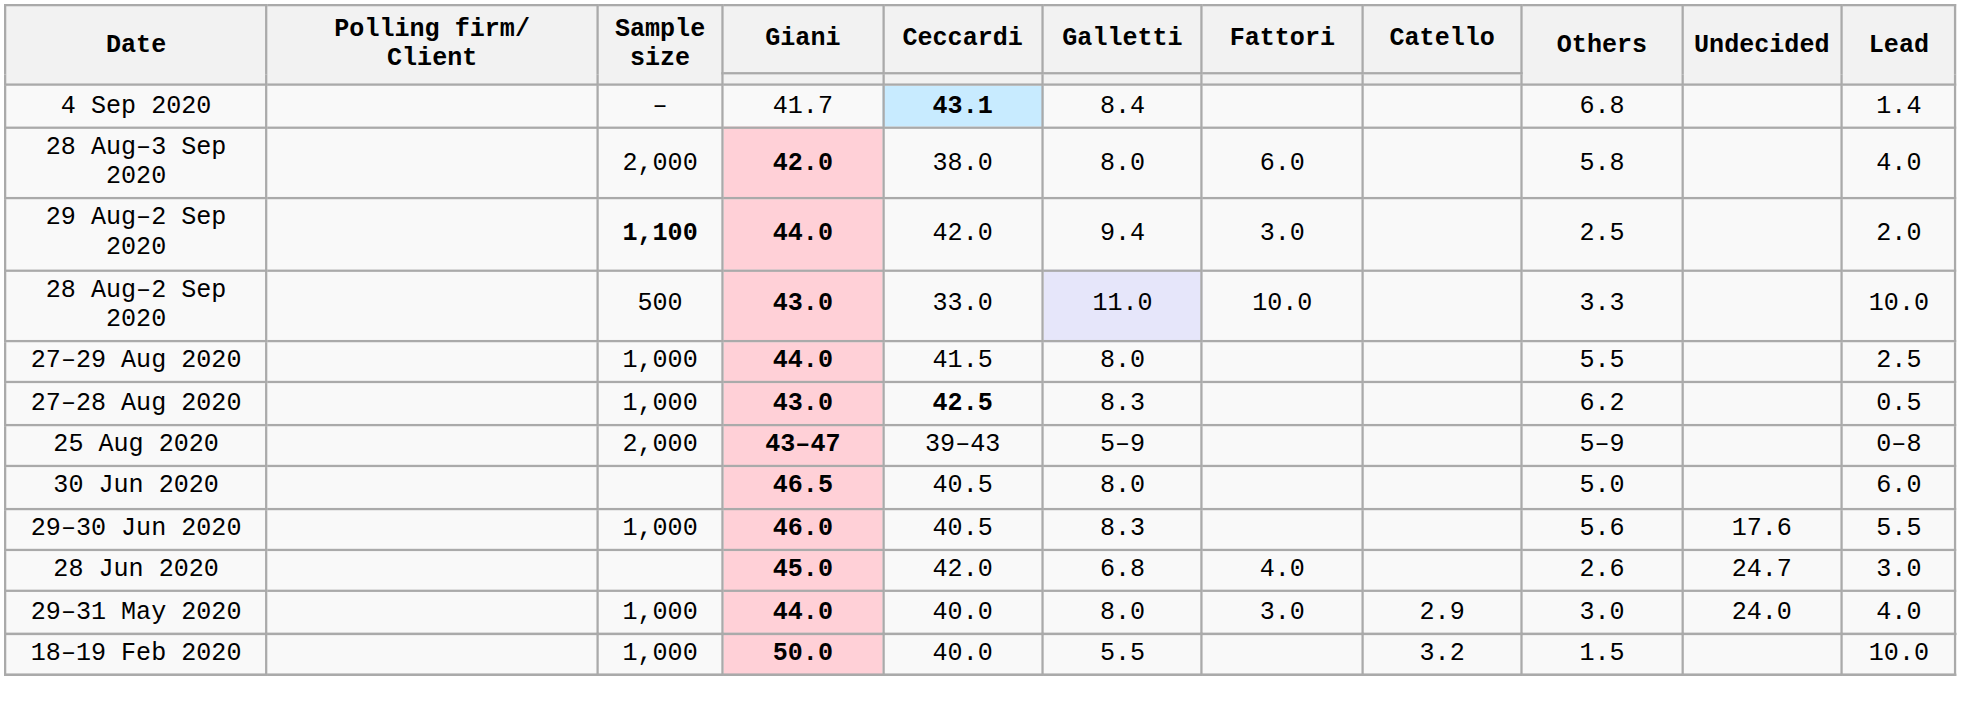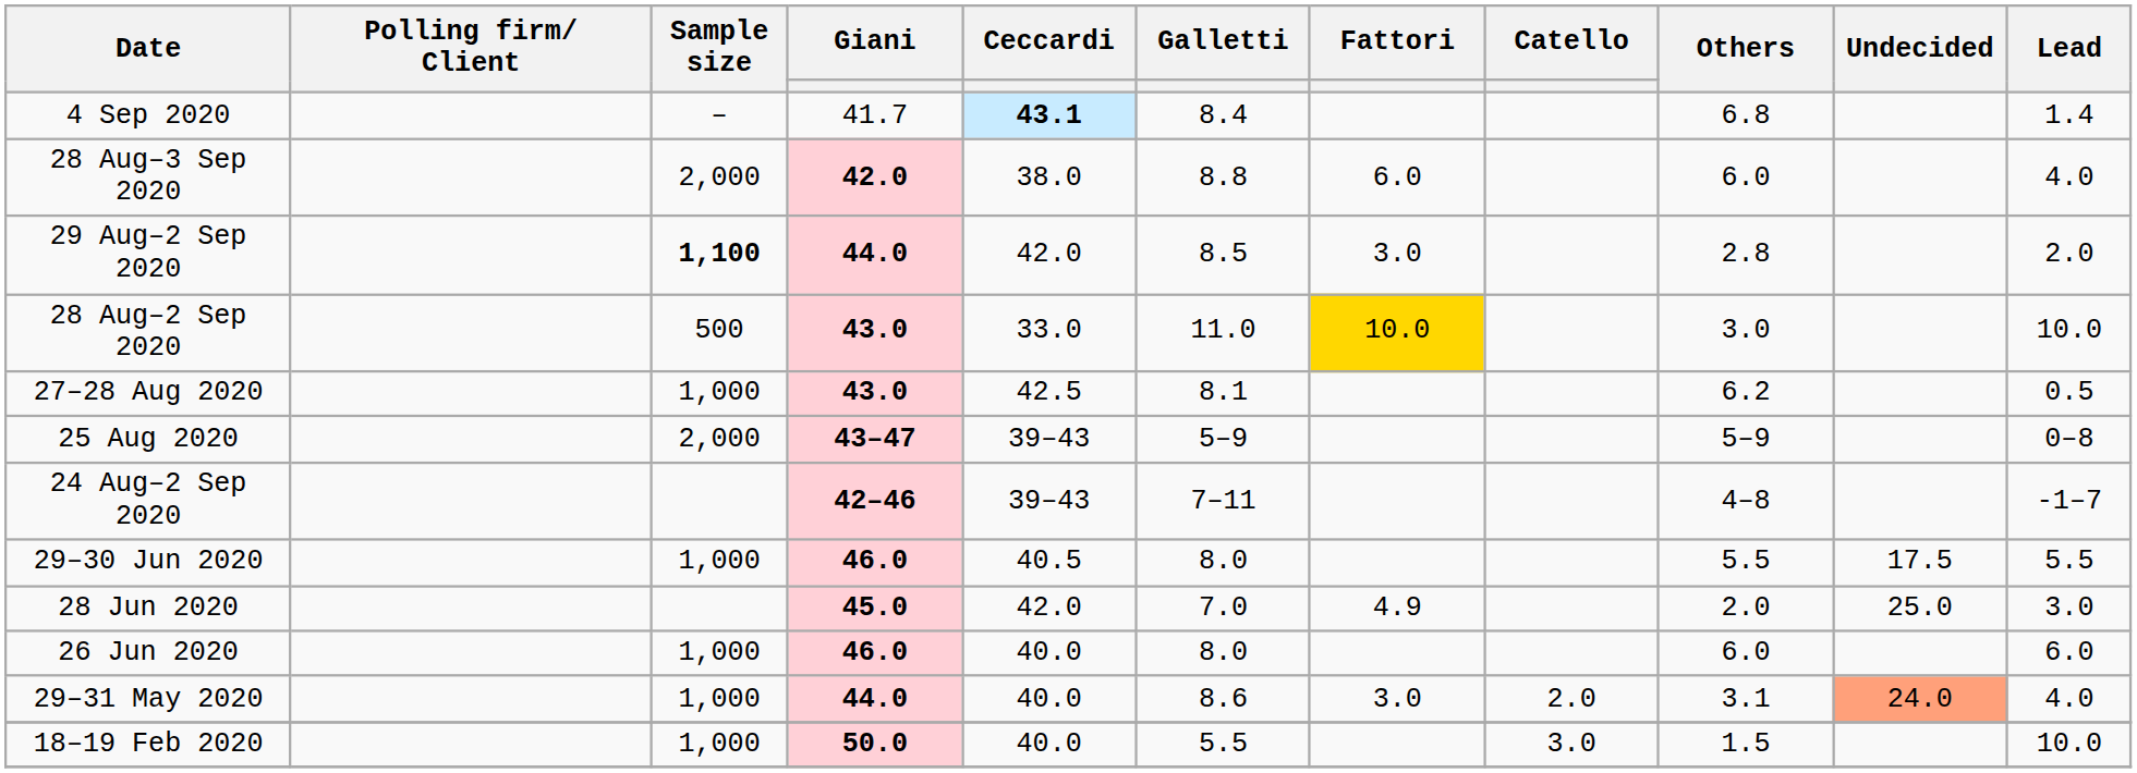 <table class="wikitable collapsible collapsed" style="text-align:center;font-size:85%;line-height:13px">
 <tr style="height:30px; background-color:#E9E9E9">
 <th rowspan="2" style="width:110px;">Date</th>
 <th rowspan="2" style="width:140px;">Polling firm/<br>Client</th>
 <th rowspan="2" style="width:50px;">Sample size</th>
 <th style="width:65px;">Giani</th>
 <th style="width:65px;">Ceccardi</th>
 <th style="width:65px;">Galletti</th>
 <th style="width:65px;">Fattori</th>
 <th style="width:65px;">Catello</th>
 <th rowspan="2" style="width:65px;">Others</th>
 <th rowspan="2" style="width:65px;">Undecided</th>
 <th rowspan="2" style="width:45px;">Lead</th>
 </tr>
 <tr>
 <th style="background:"></th>
 <th style="background:"></th>
 <th style="background:"></th>
 <th style="background:"></th>
 <th style="background:"></th>
 </tr>
 <tr>
 <td>4 Sep 2020</td>
 <td></td>
 <td>–</td>
 <td>41.7</td>
 <td style="background:#C8EBFF"><strong>43.1</strong></td>
 <td>8.4</td>
 <td></td>
 <td></td>
 <td>6.8</td>
 <td></td>
 <td style="background:">1.4</td>
 </tr>
 <tr>
 <td>28 Aug–3 Sep 2020</td>
 <td></td>
 <td>2,000</td>
 <td style="background:#FFD0D7"><strong>42.0</strong></td>
 <td>38.0</td>
-<td>8.0</td>
+<td>8.8</td>
 <td>6.0</td>
 <td></td>
-<td>5.8</td>
+<td>6.0</td>
 <td></td>
 <td style="background:">4.0</td>
 </tr>
 <tr>
 <td>29 Aug–2 Sep 2020</td>
 <td></td>
 <td><strong>1,100</strong></td>
 <td style="background:#FFD0D7"><strong>44.0</strong></td>
 <td>42.0</td>
-<td>9.4</td>
+<td>8.5</td>
 <td>3.0</td>
 <td></td>
-<td>2.5</td>
+<td>2.8</td>
 <td></td>
 <td style="background:">2.0</td>
 </tr>
 <tr>
 <td>28 Aug–2 Sep 2020</td>
 <td></td>
 <td>500</td>
 <td style="background:#FFD0D7"><strong>43.0</strong></td>
 <td>33.0</td>
-<td style="background: lavender;">11.0</td>
-<td>10.0</td>
+<td>11.0</td>
+<td style="background: gold;">10.0</td>
 <td></td>
-<td>3.3</td>
+<td>3.0</td>
 <td></td>
 <td style="background:">10.0</td>
-</tr>
-<tr>
-<td>27–29 Aug 2020</td>
-<td></td>
-<td>1,000</td>
-<td style="background:#FFD0D7"><strong>44.0</strong></td>
-<td>41.5</td>
-<td>8.0</td>
-<td></td>
-<td></td>
-<td>5.5</td>
-<td></td>
-<td style="background:">2.5</td>
 </tr>
 <tr>
 <td>27–28 Aug 2020</td>
 <td></td>
 <td>1,000</td>
 <td style="background:#FFD0D7"><strong>43.0</strong></td>
-<td><strong>42.5</strong></td>
-<td>8.3</td>
+<td>42.5</td>
+<td>8.1</td>
 <td></td>
 <td></td>
 <td>6.2</td>
 <td></td>
 <td style="background:">0.5</td>
 </tr>
 <tr>
 <td>25 Aug 2020</td>
 <td></td>
 <td>2,000</td>
 <td style="background:#FFD0D7"><strong>43–47</strong></td>
 <td>39–43</td>
 <td>5–9</td>
 <td></td>
 <td></td>
 <td>5–9</td>
 <td></td>
 <td style="background:">0–8</td>
 </tr>
 <tr>
-<td>30 Jun 2020</td>
+<td>24 Aug–2 Sep 2020</td>
 <td></td>
 <td></td>
-<td style="background:#FFD0D7"><strong>46.5</strong></td>
-<td>40.5</td>
-<td>8.0</td>
+<td style="background:#FFD0D7"><strong>42–46</strong></td>
+<td>39–43</td>
+<td>7–11</td>
 <td></td>
 <td></td>
-<td>5.0</td>
+<td>4–8</td>
 <td></td>
-<td style="background:">6.0</td>
+<td style="background:">-1–7</td>
 </tr>
 <tr>
 <td>29–30 Jun 2020</td>
 <td></td>
 <td>1,000</td>
 <td style="background:#FFD0D7"><strong>46.0</strong></td>
 <td>40.5</td>
-<td>8.3</td>
+<td>8.0</td>
 <td></td>
 <td></td>
-<td>5.6</td>
-<td>17.6</td>
+<td>5.5</td>
+<td>17.5</td>
 <td style="background:">5.5</td>
 </tr>
 <tr>
 <td>28 Jun 2020</td>
 <td></td>
 <td></td>
 <td style="background:#FFD0D7"><strong>45.0</strong></td>
 <td>42.0</td>
-<td>6.8</td>
-<td>4.0</td>
+<td>7.0</td>
+<td>4.9</td>
 <td></td>
-<td>2.6</td>
-<td>24.7</td>
+<td>2.0</td>
+<td>25.0</td>
 <td style="background:">3.0</td>
+</tr>
+<tr>
+<td>26 Jun 2020</td>
+<td></td>
+<td>1,000</td>
+<td style="background:#FFD0D7"><strong>46.0</strong></td>
+<td>40.0</td>
+<td>8.0</td>
+<td></td>
+<td></td>
+<td>6.0</td>
+<td></td>
+<td style="background:">6.0</td>
 </tr>
 <tr>
 <td>29–31 May 2020</td>
 <td></td>
 <td>1,000</td>
 <td style="background:#FFD0D7"><strong>44.0</strong></td>
 <td>40.0</td>
-<td>8.0</td>
+<td>8.6</td>
 <td>3.0</td>
-<td>2.9</td>
-<td>3.0</td>
-<td>24.0</td>
+<td>2.0</td>
+<td>3.1</td>
+<td style="background: lightsalmon;">24.0</td>
 <td style="background:">4.0</td>
 </tr>
 <tr>
 </tr>
 <tr>
 <td>18–19 Feb 2020</td>
 <td></td>
 <td>1,000</td>
 <td style="background:#FFD0D7"><strong>50.0</strong></td>
 <td>40.0</td>
 <td>5.5</td>
 <td></td>
-<td>3.2</td>
+<td>3.0</td>
 <td>1.5</td>
 <td></td>
 <td style="background:">10.0</td>
 </tr>
 <tr>
 </tr>
 </table>
